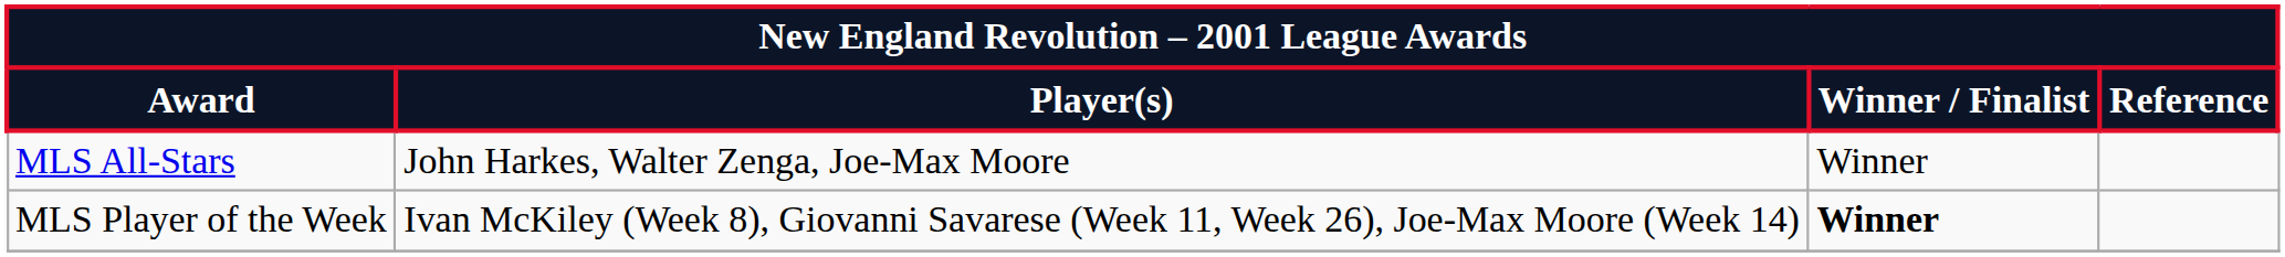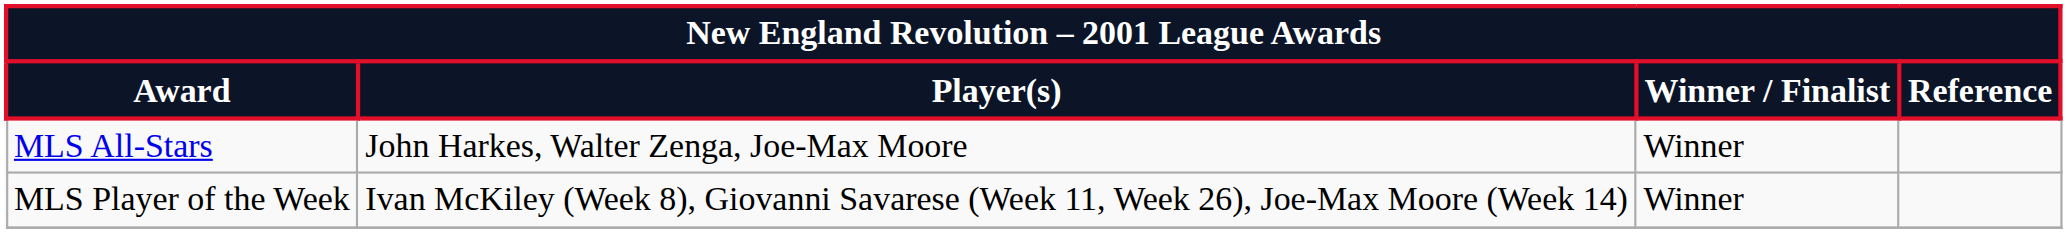 <table class="wikitable">
 <tr>
 <th colspan="4" style="background:#0c1527; color:#fff; border:2px solid #e20e2a; text-align: center; font-weight:bold;">New England Revolution – 2001 League Awards</th>
 </tr>
 <tr>
 <th style="background:#0c1527; color:#fff; border:2px solid #e20e2a;" scope="col">Award</th>
 <th style="background:#0c1527; color:#fff; border:2px solid #e20e2a;" scope="col">Player(s)</th>
 <th style="background:#0c1527; color:#fff; border:2px solid #e20e2a;" scope="col">Winner / Finalist</th>
 <th style="background:#0c1527; color:#fff; border:2px solid #e20e2a;" scope="col">Reference</th>
 </tr>
 <tr>
 <td><a href='#'>MLS All-Stars</a></td>
 <td>John Harkes, Walter Zenga, Joe-Max Moore</td>
 <td>Winner</td>
 <td></td>
 </tr>
 <tr>
 <td>MLS Player of the Week</td>
 <td>Ivan McKiley (Week 8), Giovanni Savarese (Week 11, Week 26), Joe-Max Moore (Week 14)</td>
-<td><strong>Winner</strong></td>
+<td>Winner</td>
 <td></td>
 </tr>
 <tr>
 </tr>
 </table>
